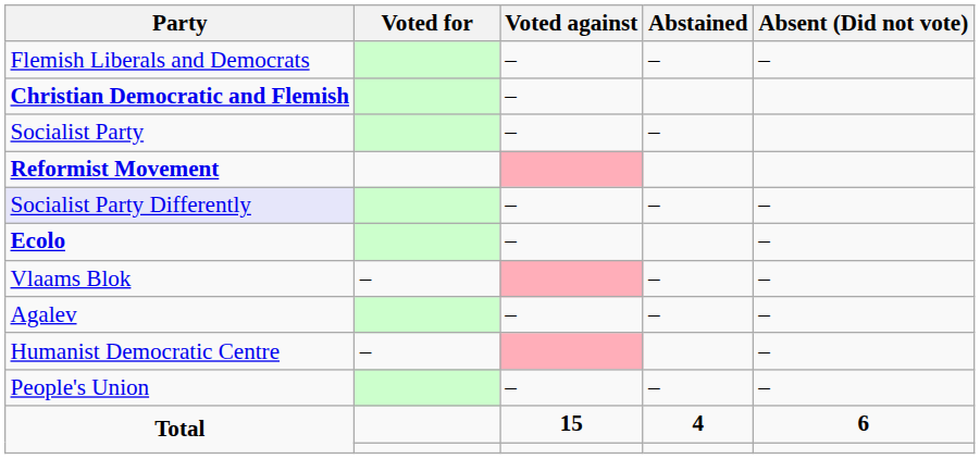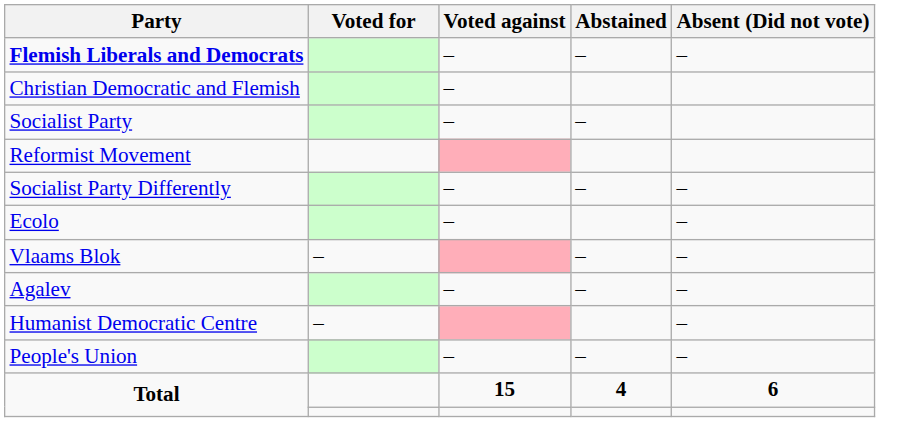 <table class="wikitable">
 <tr>
 <th>Party</th>
 <th style="width:15%;">Voted for</th>
 <th>Voted against</th>
 <th>Abstained</th>
 <th>Absent (Did not vote)</th>
 </tr>
 <tr>
-<td> <a href='#'>Flemish Liberals and Democrats</a></td>
+<td><strong> <a href='#'>Flemish Liberals and Democrats</a></strong></td>
 <td style="background-color:#CCFFCC;"></td>
 <td>–</td>
 <td>–</td>
 <td>–</td>
 </tr>
 <tr>
-<td><strong> <a href='#'>Christian Democratic and Flemish</a></strong></td>
+<td> <a href='#'>Christian Democratic and Flemish</a></td>
 <td style="background-color:#CCFFCC;"></td>
 <td>–</td>
 <td></td>
 <td></td>
 </tr>
 <tr>
 <td> <a href='#'>Socialist Party</a></td>
 <td style="background-color:#CCFFCC;"></td>
 <td>–</td>
 <td>–</td>
 <td></td>
 </tr>
 <tr>
-<td><strong> <a href='#'>Reformist Movement</a></strong></td>
+<td> <a href='#'>Reformist Movement</a></td>
 <td></td>
 <td style="background-color:#FFAEB9;"></td>
 <td></td>
 <td></td>
 </tr>
 <tr>
-<td style="background: lavender;"> <a href='#'>Socialist Party Differently</a></td>
+<td> <a href='#'>Socialist Party Differently</a></td>
 <td style="background-color:#CCFFCC;"></td>
 <td>–</td>
 <td>–</td>
 <td>–</td>
 </tr>
 <tr>
-<td><strong> <a href='#'>Ecolo</a></strong></td>
+<td> <a href='#'>Ecolo</a></td>
 <td style="background-color:#CCFFCC;"></td>
 <td>–</td>
 <td></td>
 <td>–</td>
 </tr>
 <tr>
 <td> <a href='#'>Vlaams Blok</a></td>
 <td>–</td>
 <td style="background-color:#FFAEB9;"></td>
 <td>–</td>
 <td>–</td>
 </tr>
 <tr>
 <td> <a href='#'>Agalev</a></td>
 <td style="background-color:#CCFFCC;"></td>
 <td>–</td>
 <td>–</td>
 <td>–</td>
 </tr>
 <tr>
 <td> <a href='#'>Humanist Democratic Centre</a></td>
 <td>–</td>
 <td style="background-color:#FFAEB9;"></td>
 <td></td>
 <td>–</td>
 </tr>
 <tr>
 <td> <a href='#'>People's Union</a></td>
 <td style="background-color:#CCFFCC;"></td>
 <td>–</td>
 <td>–</td>
 <td>–</td>
 </tr>
 <tr>
 <td style="text-align:center;" rowspan="2"><strong>Total</strong></td>
 <td></td>
 <td style="text-align:center;"><strong>15</strong></td>
 <td style="text-align:center;"><strong>4</strong></td>
 <td style="text-align:center;"><strong>6</strong></td>
 </tr>
 <tr>
 <td style="text-align:center;"></td>
 <td style="text-align:center;"></td>
 <td style="text-align:center;"></td>
 <td style="text-align:center;"></td>
 </tr>
 </table>
